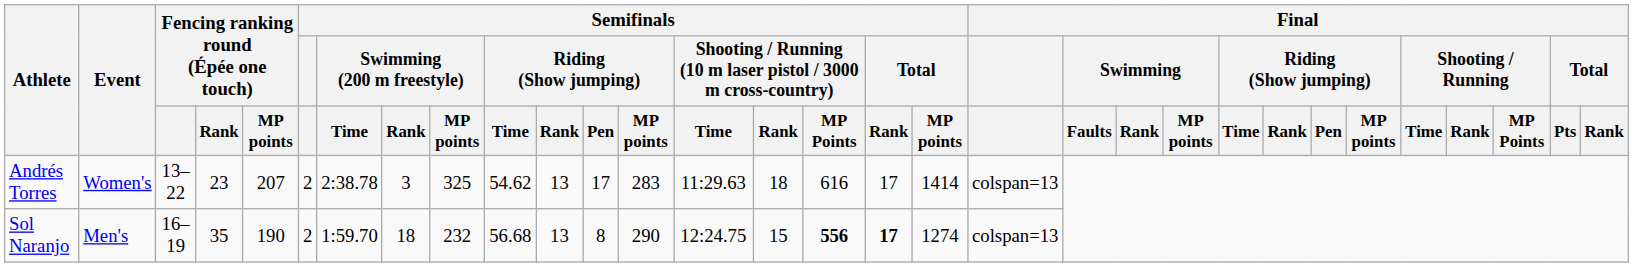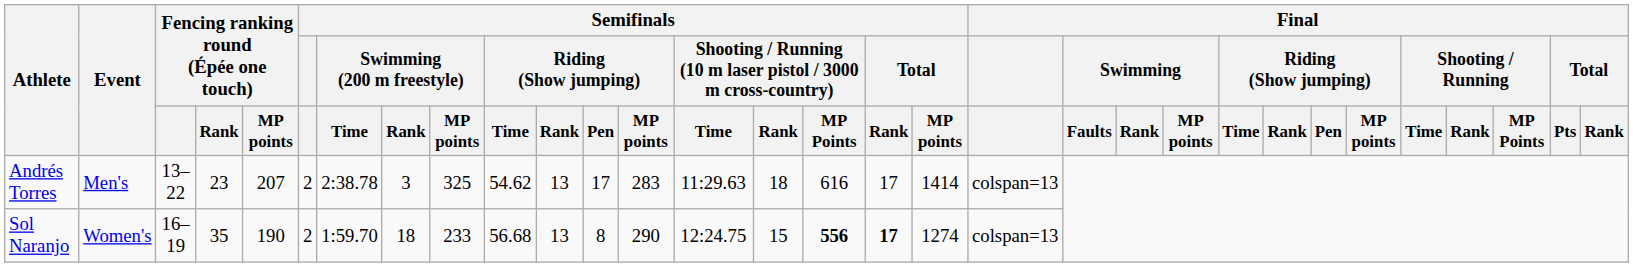 <table class="wikitable" style="font-size:90%;text-align:center">
 <tr>
 <th rowspan="3">Athlete</th>
 <th rowspan="3">Event</th>
 <th colspan="3" rowspan="2">Fencing ranking round<br><span>(Épée one touch)</span></th>
 <th colspan="13">Semifinals</th>
 <th colspan="13">Final</th>
 </tr>
 <tr style="font-size:95%">
 <th></th>
 <th colspan="3">Swimming<br><span>(200 m freestyle)</span></th>
 <th colspan="4">Riding<br><span>(Show jumping)</span></th>
 <th colspan="3">Shooting / Running<br><span>(10 m laser pistol /</span> <span>3000 m cross-country)</span></th>
 <th colspan="2">Total</th>
 <th></th>
 <th colspan="3">Swimming</th>
 <th colspan="4">Riding<br><span>(Show jumping)</span></th>
 <th colspan="3">Shooting / Running</th>
 <th colspan="2">Total</th>
 </tr>
 <tr style="font-size:90%">
 <th></th>
 <th>Rank</th>
 <th>MP points</th>
 <th></th>
 <th>Time</th>
 <th>Rank</th>
 <th>MP points</th>
 <th>Time</th>
 <th>Rank</th>
 <th>Pen</th>
 <th>MP points</th>
 <th>Time</th>
 <th>Rank</th>
 <th>MP Points</th>
 <th>Rank</th>
 <th>MP points</th>
 <th></th>
 <th>Faults</th>
 <th>Rank</th>
 <th>MP points</th>
 <th>Time</th>
 <th>Rank</th>
 <th>Pen</th>
 <th>MP points</th>
 <th>Time</th>
 <th>Rank</th>
 <th>MP Points</th>
 <th>Pts</th>
 <th>Rank</th>
 </tr>
 <tr>
 <td align=left><a href='#'>Andrés Torres</a></td>
-<td align=left><a href='#'>Women's</a></td>
+<td align=left><a href='#'>Men's</a></td>
 <td>13–22</td>
 <td>23</td>
 <td>207</td>
 <td>2</td>
 <td>2:38.78</td>
 <td>3</td>
 <td>325</td>
 <td>54.62</td>
 <td>13</td>
 <td>17</td>
 <td>283</td>
 <td>11:29.63</td>
 <td>18</td>
 <td>616</td>
 <td>17</td>
 <td>1414</td>
 <td>colspan=13 </td>
 </tr>
 <tr align=center>
 <td align=left><a href='#'>Sol Naranjo</a></td>
-<td align=left><a href='#'>Men's</a></td>
+<td align=left><a href='#'>Women's</a></td>
 <td>16–19</td>
 <td>35</td>
 <td>190</td>
 <td>2</td>
 <td>1:59.70</td>
 <td>18</td>
-<td>232</td>
+<td>233</td>
 <td>56.68</td>
 <td>13</td>
 <td>8</td>
 <td>290</td>
 <td>12:24.75</td>
 <td>15</td>
 <td><strong>556</strong></td>
 <td><strong>17</strong></td>
 <td>1274</td>
 <td>colspan=13 </td>
 </tr>
 </table>
